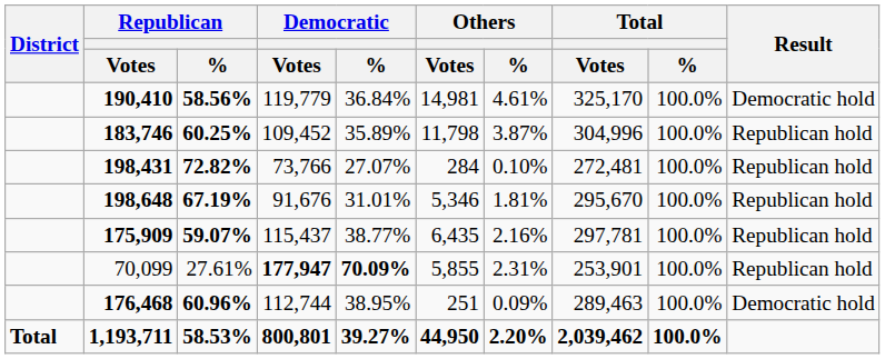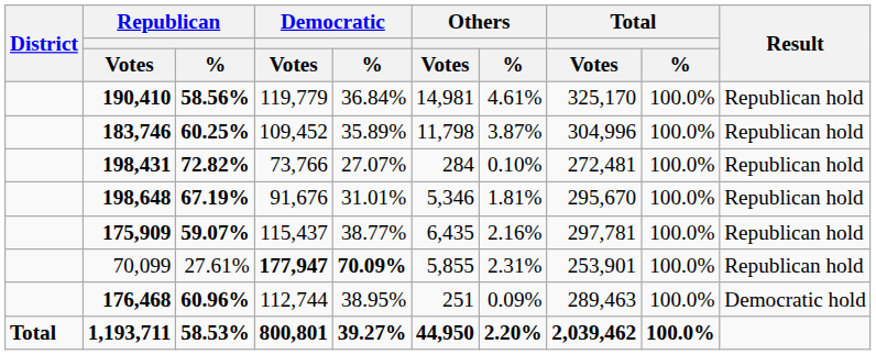 <table class="wikitable plainrowheaders sortable" style="font-size:100%; text-align:right;">
 <tr>
 <th scope=col rowspan=3><a href='#'>District</a></th>
 <th scope=col colspan=2><a href='#'>Republican</a></th>
 <th scope=col colspan=2><a href='#'>Democratic</a></th>
 <th scope=col colspan=2>Others</th>
 <th scope=col colspan=2>Total</th>
 <th scope=col rowspan=3>Result</th>
 </tr>
 <tr>
 <th scope=col colspan=2 style="background:"></th>
 <th scope=col colspan=2 style="background:"></th>
 <th scope=col colspan=2></th>
 <th scope=col colspan=2></th>
 </tr>
 <tr>
 <th scope=col data-sort-type="number">Votes</th>
 <th scope=col data-sort-type="number">%</th>
 <th scope=col data-sort-type="number">Votes</th>
 <th scope=col data-sort-type="number">%</th>
 <th scope=col data-sort-type="number">Votes</th>
 <th scope=col data-sort-type="number">%</th>
 <th scope=col data-sort-type="number">Votes</th>
 <th scope=col data-sort-type="number">%</th>
 </tr>
 <tr>
 <td align=left></td>
 <td><strong>190,410</strong></td>
 <td><strong>58.56%</strong></td>
 <td>119,779</td>
 <td>36.84%</td>
 <td>14,981</td>
 <td>4.61%</td>
 <td>325,170</td>
 <td>100.0%</td>
-<td align=left>Democratic hold</td>
+<td align=left>Republican hold</td>
 </tr>
 <tr>
 <td align=left></td>
 <td><strong>183,746</strong></td>
 <td><strong>60.25%</strong></td>
 <td>109,452</td>
 <td>35.89%</td>
 <td>11,798</td>
 <td>3.87%</td>
 <td>304,996</td>
 <td>100.0%</td>
 <td align=left>Republican hold</td>
 </tr>
 <tr>
 <td align=left></td>
 <td><strong>198,431</strong></td>
 <td><strong>72.82%</strong></td>
 <td>73,766</td>
 <td>27.07%</td>
 <td>284</td>
 <td>0.10%</td>
 <td>272,481</td>
 <td>100.0%</td>
 <td align=left>Republican hold</td>
 </tr>
 <tr>
 <td align=left></td>
 <td><strong>198,648</strong></td>
 <td><strong>67.19%</strong></td>
 <td>91,676</td>
 <td>31.01%</td>
 <td>5,346</td>
 <td>1.81%</td>
 <td>295,670</td>
 <td>100.0%</td>
 <td align=left>Republican hold</td>
 </tr>
 <tr>
 <td align=left></td>
 <td><strong>175,909</strong></td>
 <td><strong>59.07%</strong></td>
 <td>115,437</td>
 <td>38.77%</td>
 <td>6,435</td>
 <td>2.16%</td>
 <td>297,781</td>
 <td>100.0%</td>
 <td align=left>Republican hold</td>
 </tr>
 <tr>
 <td align=left></td>
 <td>70,099</td>
 <td>27.61%</td>
 <td><strong>177,947</strong></td>
 <td><strong>70.09%</strong></td>
 <td>5,855</td>
 <td>2.31%</td>
 <td>253,901</td>
 <td>100.0%</td>
 <td align=left>Republican hold</td>
 </tr>
 <tr>
 <td align=left></td>
 <td><strong>176,468</strong></td>
 <td><strong>60.96%</strong></td>
 <td>112,744</td>
 <td>38.95%</td>
 <td>251</td>
 <td>0.09%</td>
 <td>289,463</td>
 <td>100.0%</td>
 <td align=left>Democratic hold</td>
 </tr>
 <tr class="sortbottom" style="font-weight:bold">
 <td align=left>Total</td>
 <td>1,193,711</td>
 <td>58.53%</td>
 <td>800,801</td>
 <td>39.27%</td>
 <td>44,950</td>
 <td>2.20%</td>
 <td>2,039,462</td>
 <td>100.0%</td>
 <td></td>
 </tr>
 </table>
